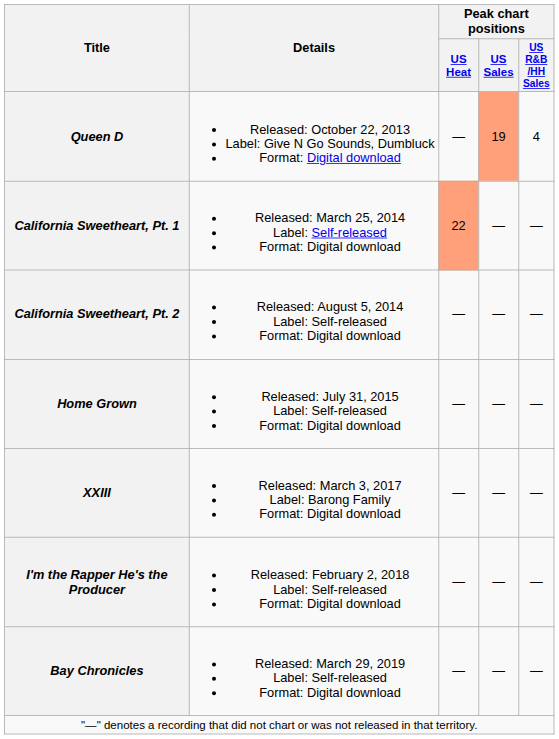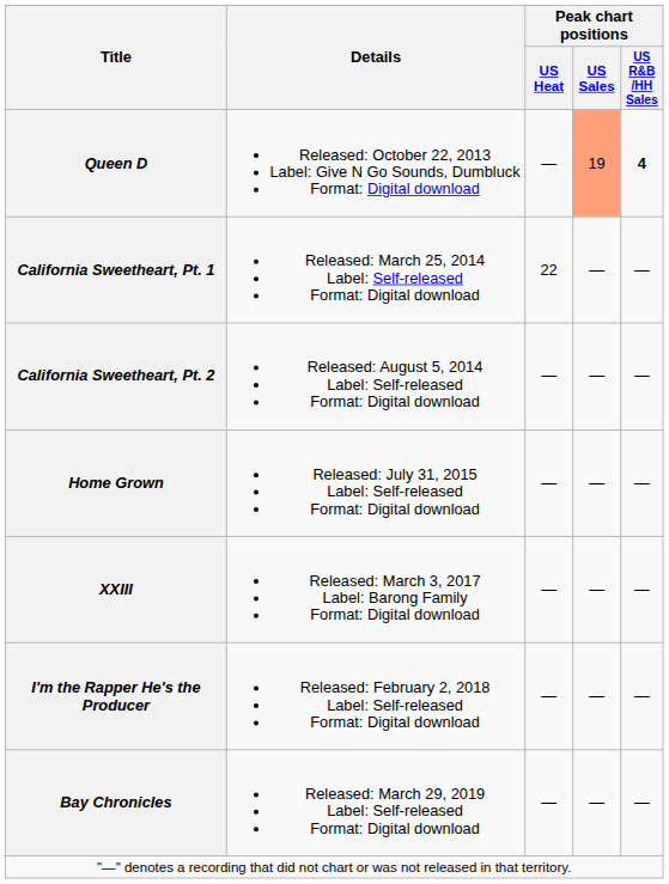 <table class="wikitable plainrowheaders" style="text-align:center;">
 <tr>
 <th rowspan="2" style="width:14em;">Title</th>
 <th rowspan="2" style="width:19em;">Details</th>
 <th colspan="3">Peak chart positions</th>
 </tr>
 <tr>
 <th scope="col" style="width:3em;font-size:90%;"><a href='#'>US<br>Heat</a><br></th>
 <th scope="col" style="width:3em;font-size:90%;"><a href='#'>US<br>Sales</a><br></th>
 <th scope="col" style="width:3em;font-size:80%;"><a href='#'>US<br>R&B<br>/HH<br>Sales</a><br></th>
 </tr>
 <tr>
 <th scope="row"><em>Queen D</em></th>
 <td><br><ul><li>Released: October 22, 2013</li><li>Label: Give N Go Sounds, Dumbluck</li><li>Format: <a href='#'>Digital download</a></li></ul></td>
 <td>—</td>
 <td style="background: lightsalmon;">19</td>
-<td>4</td>
+<td><strong>4</strong></td>
 </tr>
 <tr>
 <th scope="row"><em>California Sweetheart, Pt. 1</em></th>
 <td><br><ul><li>Released: March 25, 2014</li><li>Label: <a href='#'>Self-released</a></li><li>Format: Digital download</li></ul></td>
-<td style="background: lightsalmon;">22</td>
+<td>22</td>
 <td>—</td>
 <td>—</td>
 </tr>
 <tr>
 <th scope="row"><em>California Sweetheart, Pt. 2</em></th>
 <td><br><ul><li>Released: August 5, 2014</li><li>Label: Self-released</li><li>Format: Digital download</li></ul></td>
 <td>—</td>
 <td>—</td>
 <td>—</td>
 </tr>
 <tr>
 <th scope="row"><em>Home Grown</em></th>
 <td><br><ul><li>Released: July 31, 2015</li><li>Label: Self-released</li><li>Format: Digital download</li></ul></td>
 <td>—</td>
 <td>—</td>
 <td>—</td>
 </tr>
 <tr>
 <th scope="row"><em>XXIII</em></th>
 <td><br><ul><li>Released: March 3, 2017</li><li>Label: Barong Family</li><li>Format: Digital download</li></ul></td>
 <td>—</td>
 <td>—</td>
 <td>—</td>
 </tr>
 <tr>
 <th scope="row"><em>I'm the Rapper He's the Producer</em><br></th>
 <td><br><ul><li>Released: February 2, 2018</li><li>Label: Self-released</li><li>Format: Digital download</li></ul></td>
 <td>—</td>
 <td>—</td>
 <td>—</td>
 </tr>
 <tr>
 <th scope="row"><em>Bay Chronicles</em></th>
 <td><br><ul><li>Released: March 29, 2019</li><li>Label: Self-released</li><li>Format: Digital download</li></ul></td>
 <td>—</td>
 <td>—</td>
 <td>—</td>
 </tr>
 <tr>
 <td colspan="14" style="font-size:90%">"—" denotes a recording that did not chart or was not released in that territory.</td>
 </tr>
 </table>
